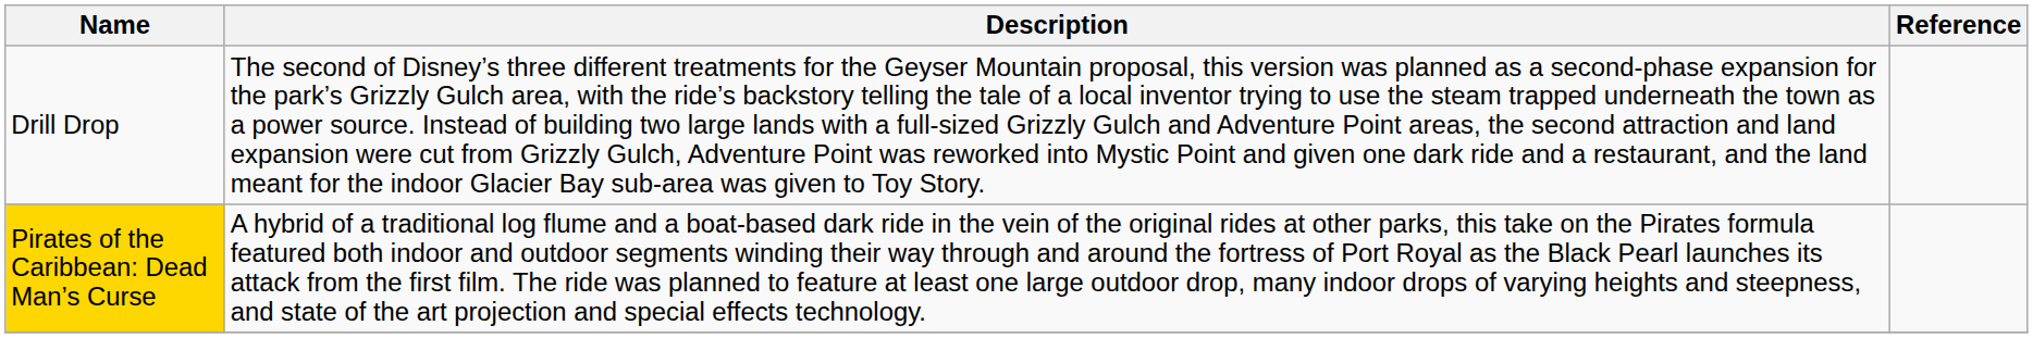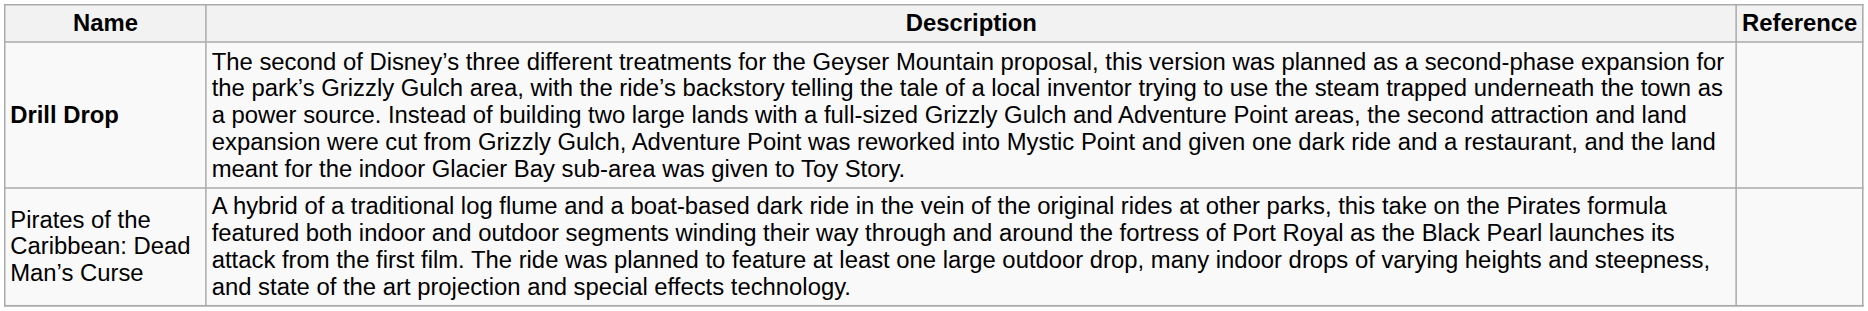 <table class="wikitable">
 <tr>
 <th>Name</th>
 <th>Description</th>
 <th>Reference</th>
 </tr>
 <tr>
-<td>Drill Drop</td>
+<td><strong>Drill Drop</strong></td>
 <td>The second of Disney’s three different treatments for the Geyser Mountain proposal, this version was planned as a second-phase expansion for the park’s Grizzly Gulch area, with the ride’s backstory telling the tale of a local inventor trying to use the steam trapped underneath the town as a power source. Instead of building two large lands with a full-sized Grizzly Gulch and Adventure Point areas, the second attraction and land expansion were cut from Grizzly Gulch, Adventure Point was reworked into Mystic Point and given one dark ride and a restaurant, and the land meant for the indoor Glacier Bay sub-area was given to Toy Story.</td>
 <td></td>
 </tr>
 <tr>
-<td style="background: gold;">Pirates of the Caribbean: Dead Man’s Curse</td>
+<td>Pirates of the Caribbean: Dead Man’s Curse</td>
 <td>A hybrid of a traditional log flume and a boat-based dark ride in the vein of the original rides at other parks, this take on the Pirates formula featured both indoor and outdoor segments winding their way through and around the fortress of Port Royal as the Black Pearl launches its attack from the first film. The ride was planned to feature at least one large outdoor drop, many indoor drops of varying heights and steepness, and state of the art projection and special effects technology.</td>
 <td></td>
 </tr>
 <tr>
 </tr>
 </table>
